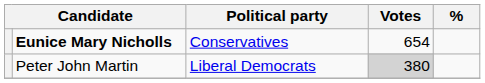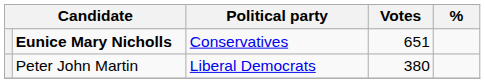 <table class="wikitable">
 <tr>
 <th valign=top colspan="2" style="width: 180px">Candidate</th>
 <th valign=top style="width: 180px">Political party</th>
 <th valign=top style="width: 60px">Votes</th>
 <th valign=top style="width: 40px">%</th>
 </tr>
 <tr>
 <th style="background-color: "></th>
 <td><strong>Eunice Mary Nicholls</strong></td>
 <td><a href='#'>Conservatives</a></td>
-<td align="right">654</td>
+<td align="right">651</td>
 <td align="right"></td>
 </tr>
 <tr>
 <th style="background-color: "></th>
 <td>Peter John Martin</td>
 <td><a href='#'>Liberal Democrats</a></td>
-<td align="right" style="background: lightgrey;">380</td>
+<td align="right">380</td>
 <td align="right"></td>
 </tr>
 <tr>
 </tr>
 </table>
